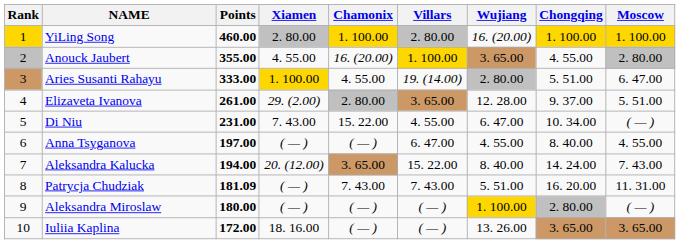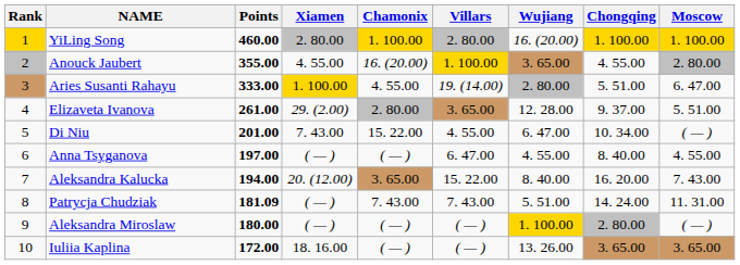 <table class="wikitable sortable" style="text-align: center;">
 <tr>
 <th>Rank</th>
 <th width = "200">NAME</th>
 <th>Points</th>
 <th width = "75" data-sort-type="number"><a href='#'>Xiamen</a></th>
 <th width = "75" data-sort-type="number"><a href='#'>Chamonix</a></th>
 <th width = "75" data-sort-type="number"><a href='#'>Villars</a></th>
 <th width = "75" data-sort-type="number"><a href='#'>Wujiang</a></th>
 <th width = "75" data-sort-type="number"><a href='#'>Chongqing</a></th>
 <th width = "75" data-sort-type="number"><a href='#'>Moscow</a></th>
 </tr>
 <tr>
 <td style="background: gold">1</td>
 <td align="left"> <a href='#'>YiLing Song</a></td>
 <td><strong>460.00</strong></td>
 <td style="background: silver">2. 80.00</td>
 <td style="background: gold">1. 100.00</td>
 <td style="background: silver">2. 80.00</td>
 <td><em>16. (20.00)</em></td>
 <td style="background: gold">1. 100.00</td>
 <td style="background: gold">1. 100.00</td>
 </tr>
 <tr>
 <td style="background: silver">2</td>
 <td align="left"> <a href='#'>Anouck Jaubert</a></td>
 <td><strong>355.00</strong></td>
 <td>4. 55.00</td>
 <td><em>16. (20.00)</em></td>
 <td style="background: gold">1. 100.00</td>
 <td style="background: #cc9966">3. 65.00</td>
 <td>4. 55.00</td>
 <td style="background: silver">2. 80.00</td>
 </tr>
 <tr>
 <td style="background: #cc9966">3</td>
 <td align="left"> <a href='#'>Aries Susanti Rahayu</a></td>
 <td><strong>333.00</strong></td>
 <td style="background: gold">1. 100.00</td>
 <td>4. 55.00</td>
 <td><em>19. (14.00)</em></td>
 <td style="background: silver">2. 80.00</td>
 <td>5. 51.00</td>
 <td>6. 47.00</td>
 </tr>
 <tr>
 <td>4</td>
 <td align="left"> <a href='#'>Elizaveta Ivanova</a></td>
 <td><strong>261.00</strong></td>
 <td><em>29. (2.00)</em></td>
 <td style="background: silver">2. 80.00</td>
 <td style="background: #cc9966">3. 65.00</td>
 <td>12. 28.00</td>
 <td>9. 37.00</td>
 <td>5. 51.00</td>
 </tr>
 <tr>
 <td>5</td>
 <td align="left"> <a href='#'>Di Niu</a></td>
-<td><strong>231.00</strong></td>
+<td><strong>201.00</strong></td>
 <td>7. 43.00</td>
 <td>15. 22.00</td>
 <td>4. 55.00</td>
 <td>6. 47.00</td>
 <td>10. 34.00</td>
 <td><em>( — )</em></td>
 </tr>
 <tr>
 <td>6</td>
 <td align="left"> <a href='#'>Anna Tsyganova</a></td>
 <td><strong>197.00</strong></td>
 <td><em>( — )</em></td>
 <td><em>( — )</em></td>
 <td>6. 47.00</td>
 <td>4. 55.00</td>
 <td>8. 40.00</td>
 <td>4. 55.00</td>
 </tr>
 <tr>
 <td>7</td>
 <td align="left"> <a href='#'>Aleksandra Kalucka</a></td>
 <td><strong>194.00</strong></td>
 <td><em>20. (12.00)</em></td>
 <td style="background: #cc9966">3. 65.00</td>
 <td>15. 22.00</td>
 <td>8. 40.00</td>
-<td>14. 24.00</td>
+<td>16. 20.00</td>
 <td>7. 43.00</td>
 </tr>
 <tr>
 <td>8</td>
 <td align="left"> <a href='#'>Patrycja Chudziak</a></td>
 <td><strong>181.09</strong></td>
 <td><em>( — )</em></td>
 <td>7. 43.00</td>
 <td>7. 43.00</td>
 <td>5. 51.00</td>
-<td>16. 20.00</td>
+<td>14. 24.00</td>
 <td>11. 31.00</td>
 </tr>
 <tr>
 <td>9</td>
 <td align="left"> <a href='#'>Aleksandra Miroslaw</a></td>
 <td><strong>180.00</strong></td>
 <td><em>( — )</em></td>
 <td><em>( — )</em></td>
 <td><em>( — )</em></td>
 <td style="background: gold">1. 100.00</td>
 <td style="background: silver">2. 80.00</td>
 <td><em>( — )</em></td>
 </tr>
 <tr>
 <td>10</td>
 <td align="left"> <a href='#'>Iuliia Kaplina</a></td>
 <td><strong>172.00</strong></td>
 <td>18. 16.00</td>
 <td><em>( — )</em></td>
 <td><em>( — )</em></td>
 <td>13. 26.00</td>
 <td style="background: #cc9966">3. 65.00</td>
 <td style="background: #cc9966">3. 65.00</td>
 </tr>
 </table>
